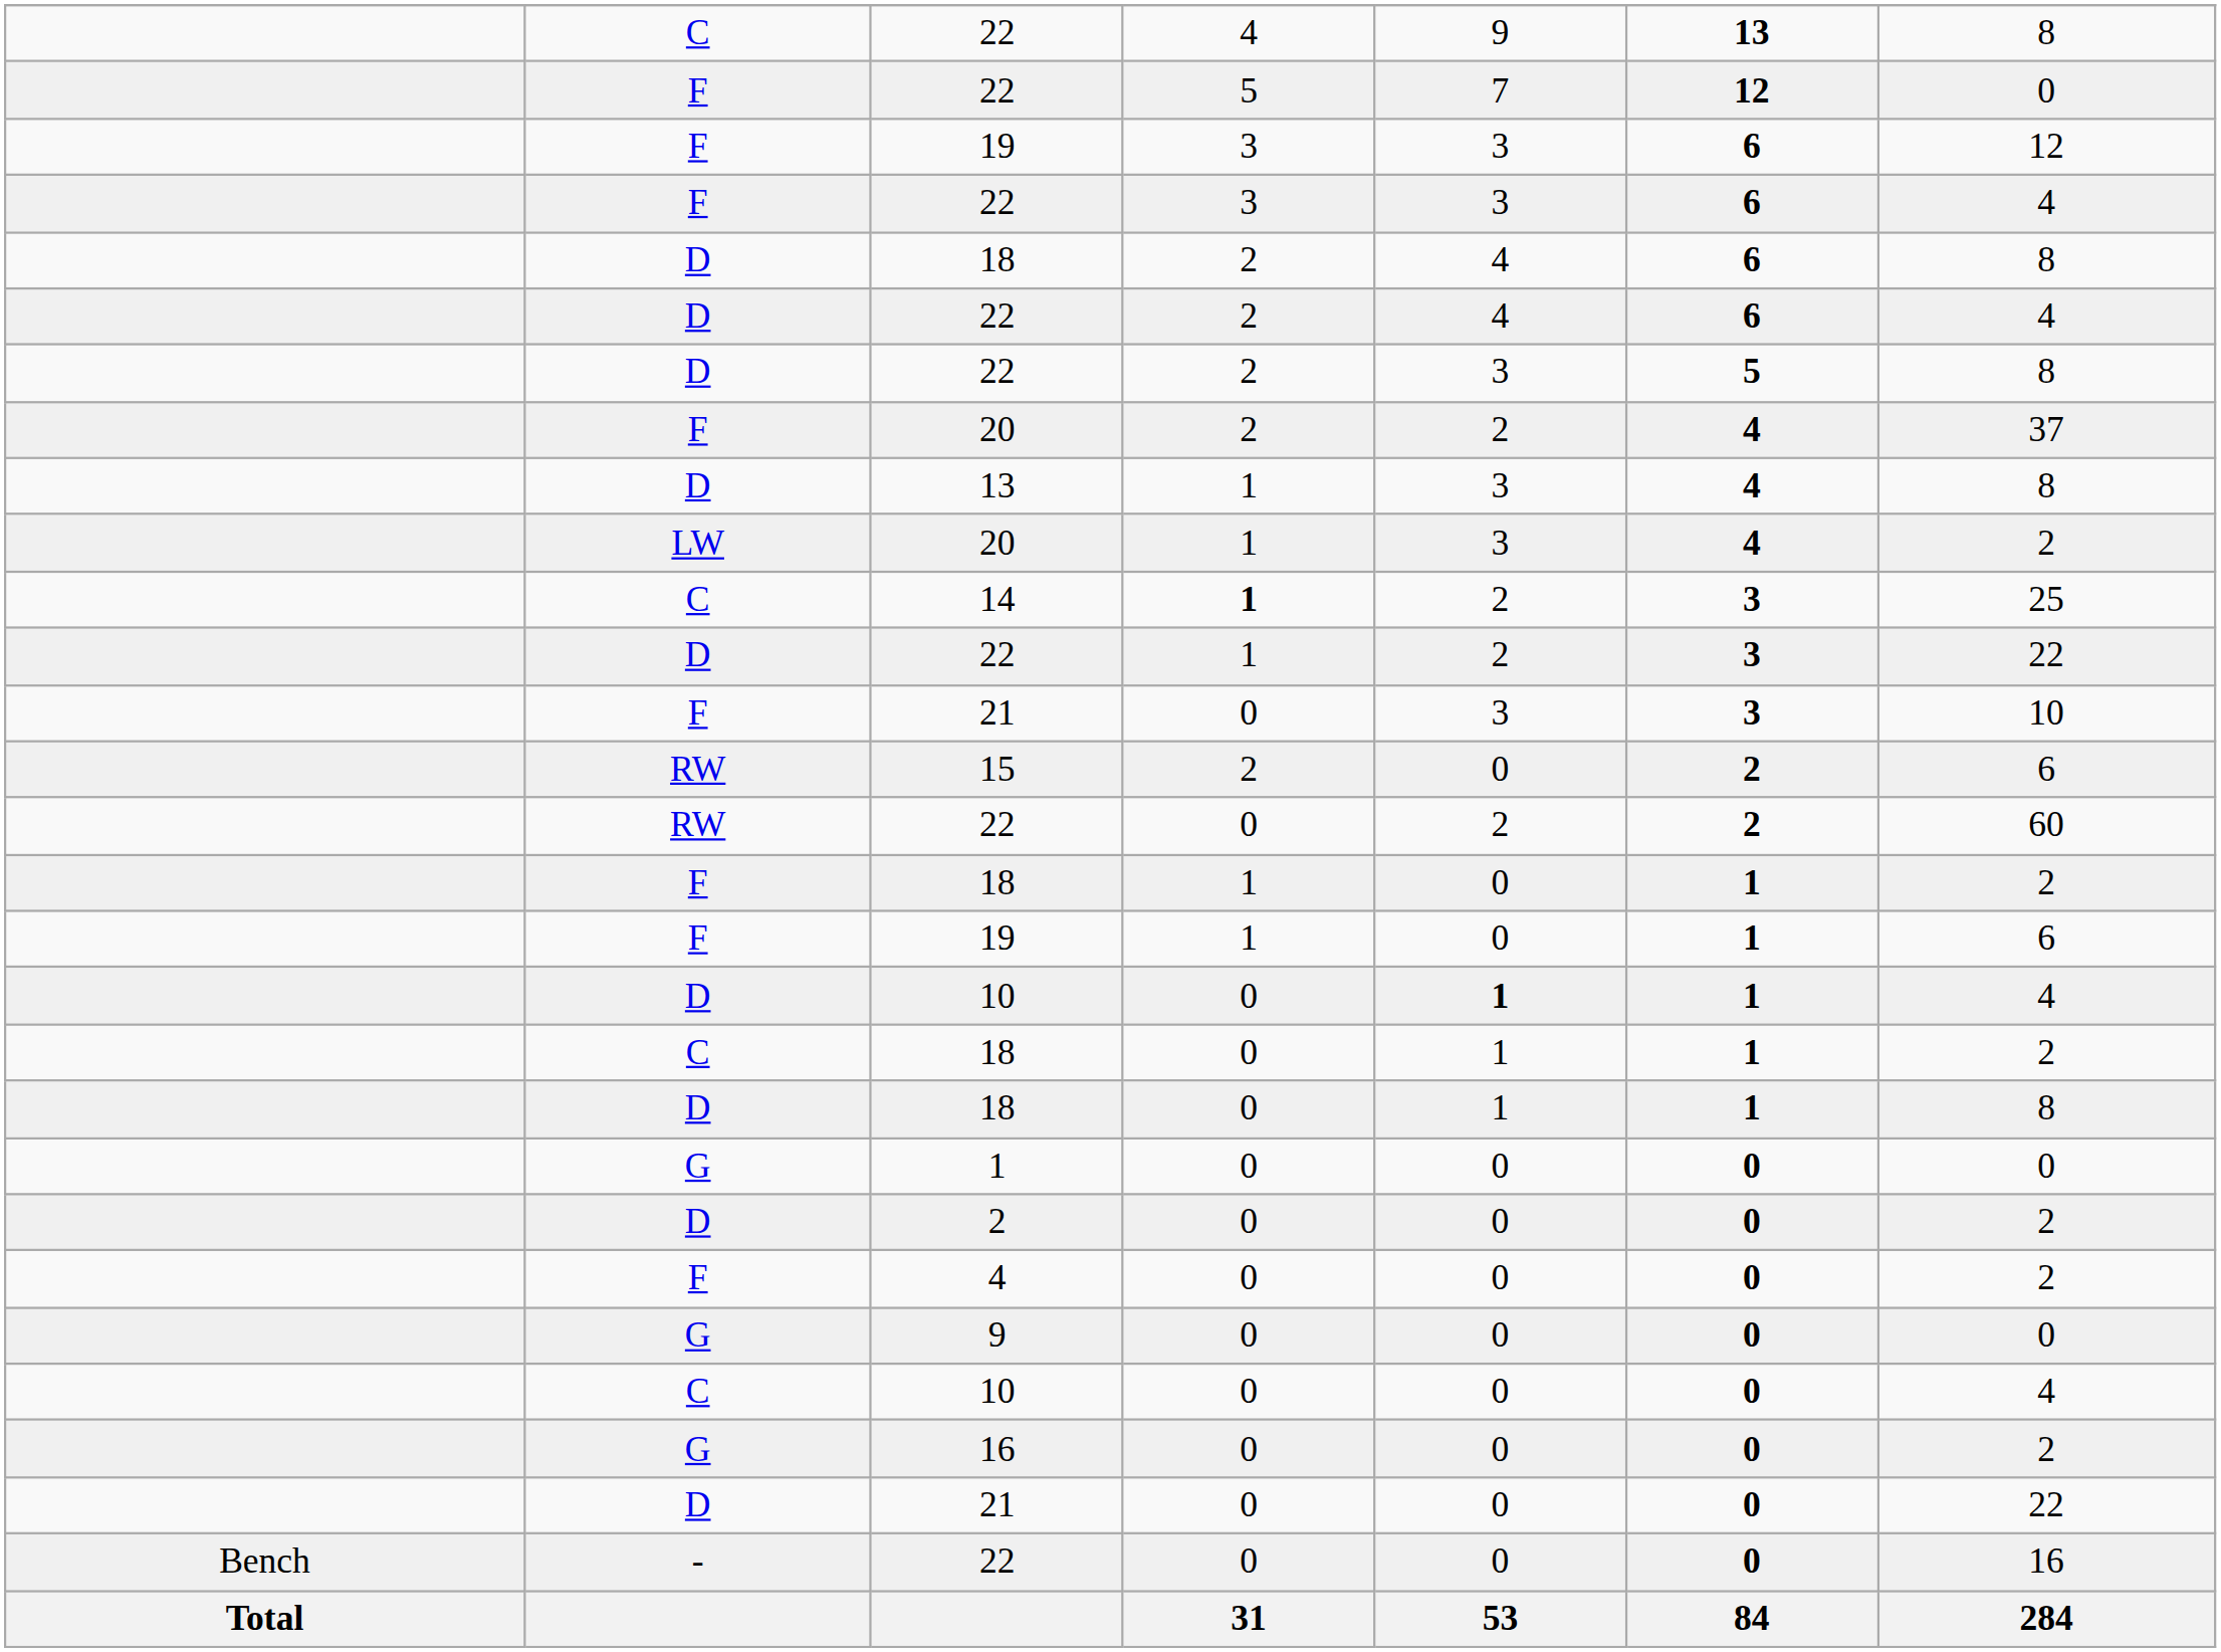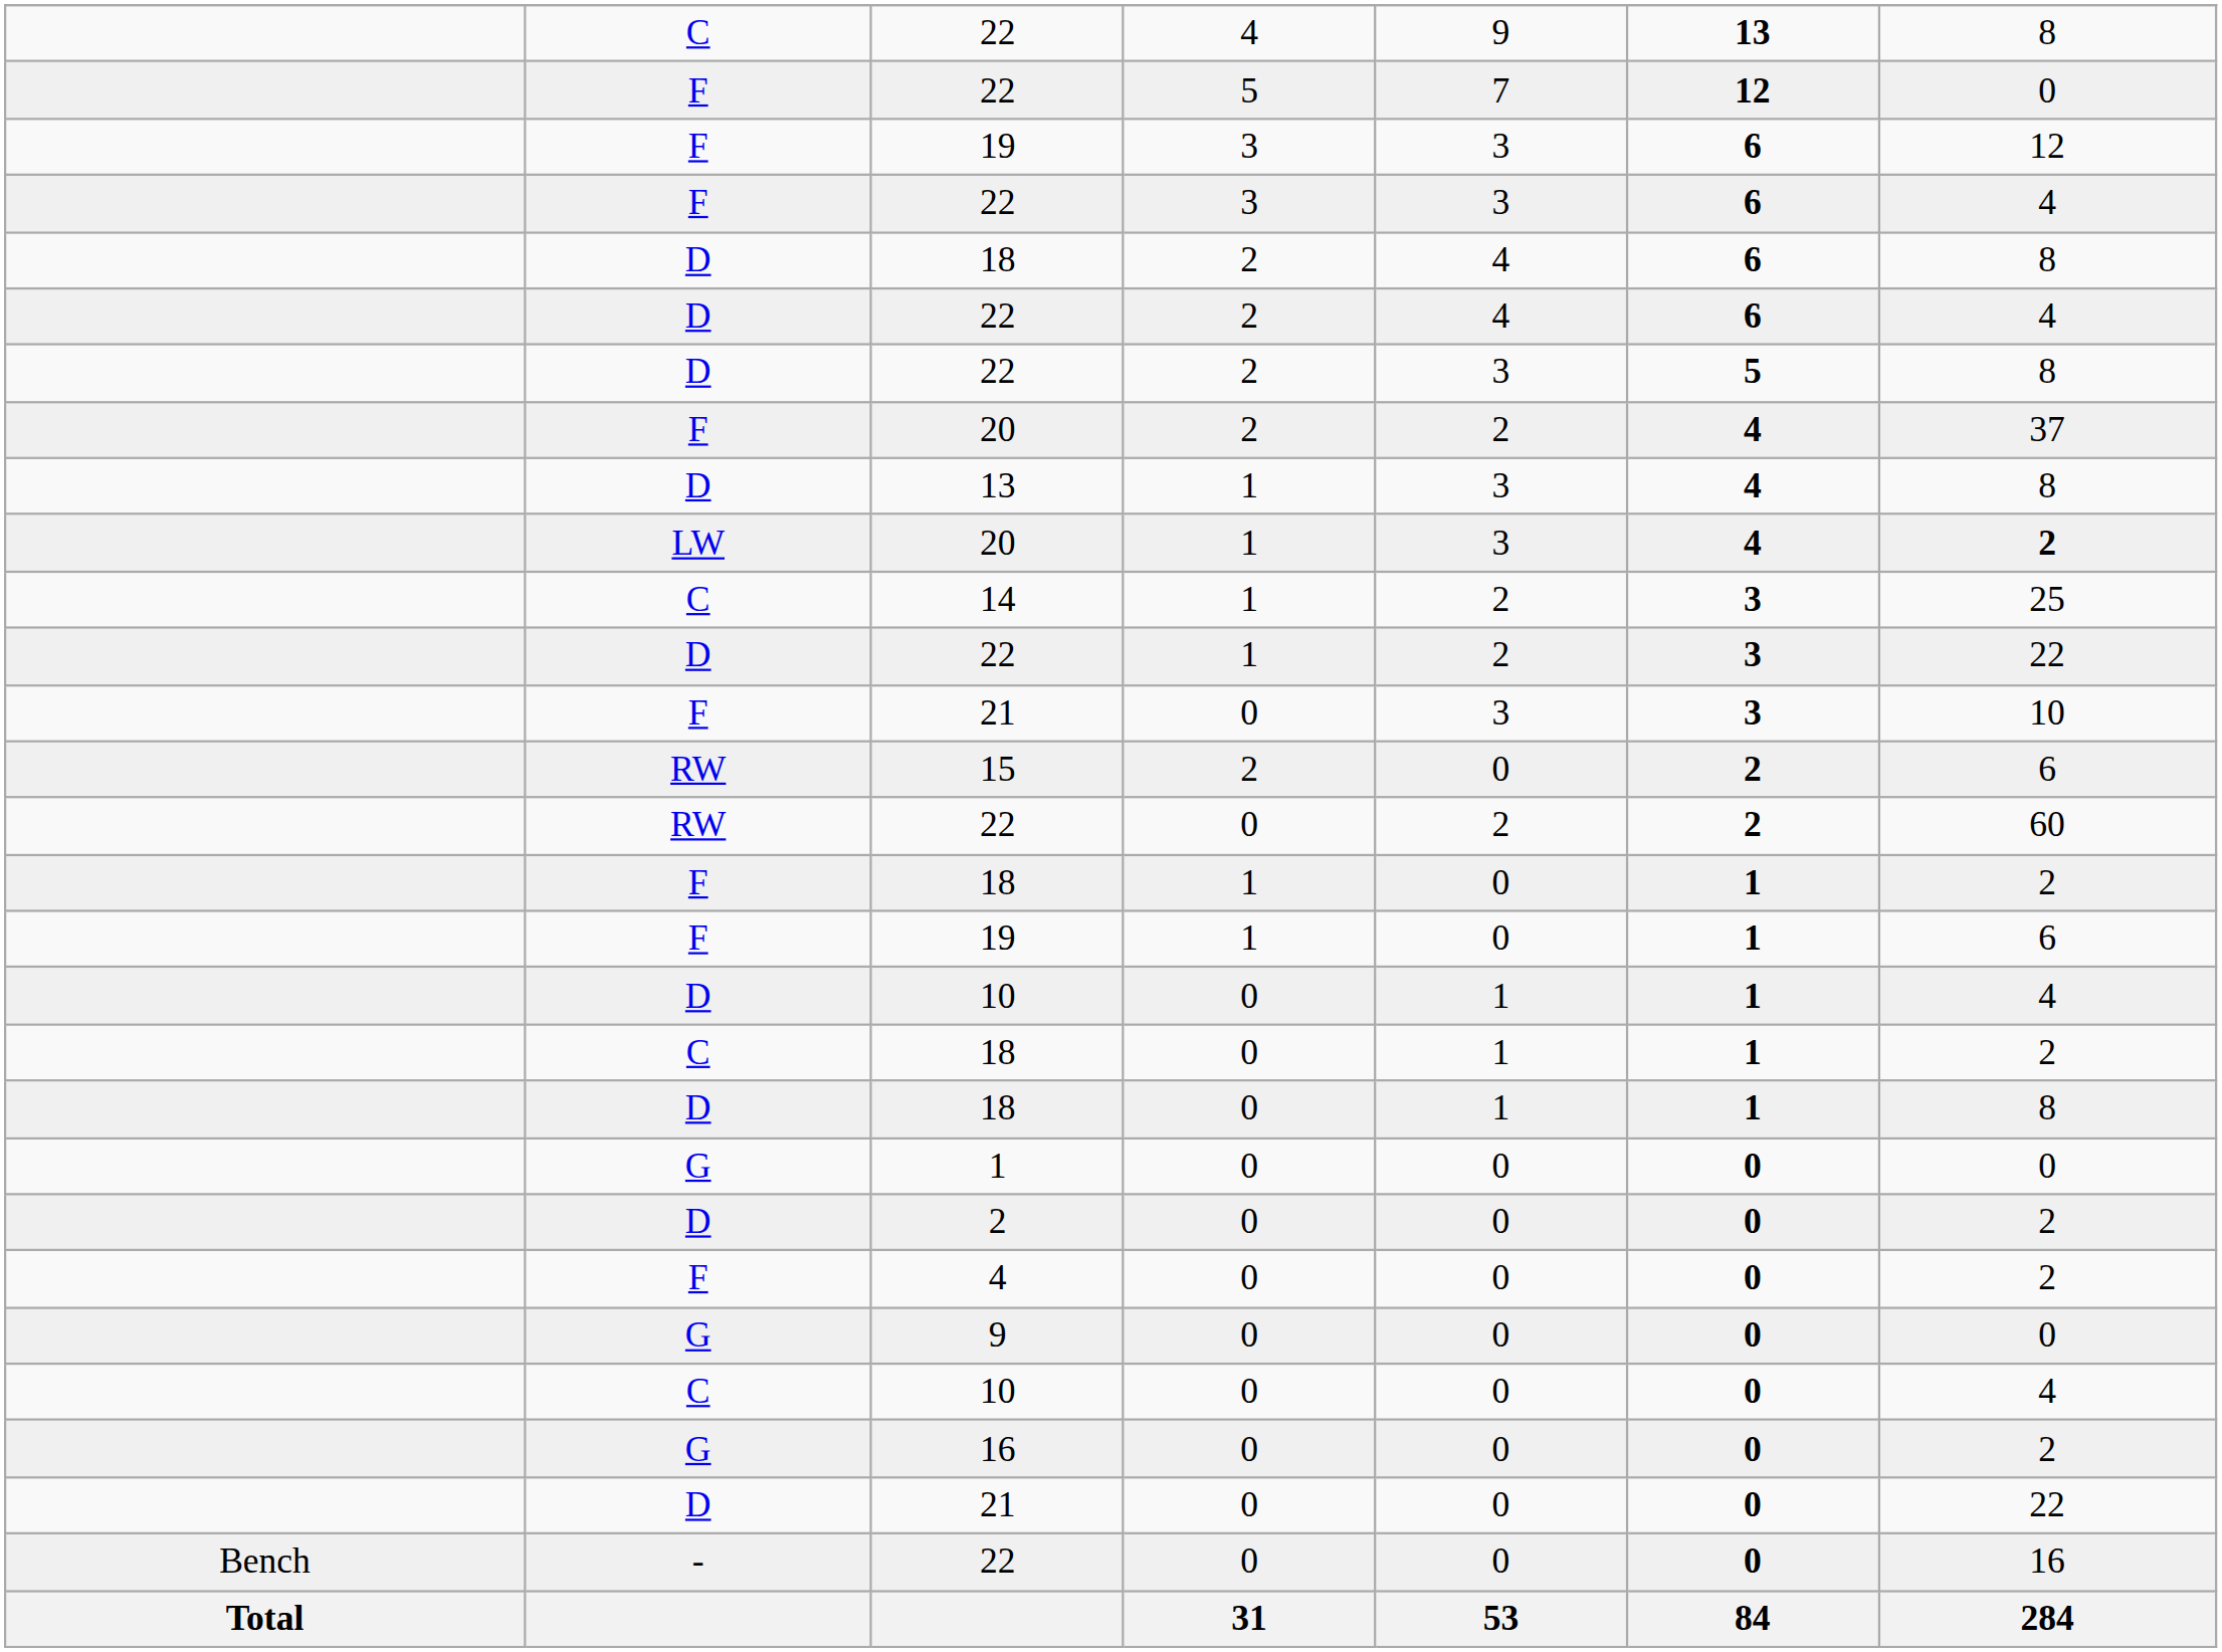 <table class="wikitable sortable" width ="50%">
 <tr align="center">
 </tr>
 <tr align="center" bgcolor="">
 <td></td>
 <td><a href='#'>C</a></td>
 <td>22</td>
 <td>4</td>
 <td>9</td>
 <td><strong>13</strong></td>
 <td>8</td>
 </tr>
 <tr align="center" bgcolor="f0f0f0">
 <td></td>
 <td><a href='#'>F</a></td>
 <td>22</td>
 <td>5</td>
 <td>7</td>
 <td><strong>12</strong></td>
 <td>0</td>
 </tr>
 <tr align="center" bgcolor="">
 <td></td>
 <td><a href='#'>F</a></td>
 <td>19</td>
 <td>3</td>
 <td>3</td>
 <td><strong>6</strong></td>
 <td>12</td>
 </tr>
 <tr align="center" bgcolor="f0f0f0">
 <td></td>
 <td><a href='#'>F</a></td>
 <td>22</td>
 <td>3</td>
 <td>3</td>
 <td><strong>6</strong></td>
 <td>4</td>
 </tr>
 <tr align="center" bgcolor="">
 <td></td>
 <td><a href='#'>D</a></td>
 <td>18</td>
 <td>2</td>
 <td>4</td>
 <td><strong>6</strong></td>
 <td>8</td>
 </tr>
 <tr align="center" bgcolor="f0f0f0">
 <td></td>
 <td><a href='#'>D</a></td>
 <td>22</td>
 <td>2</td>
 <td>4</td>
 <td><strong>6</strong></td>
 <td>4</td>
 </tr>
 <tr align="center" bgcolor="">
 <td></td>
 <td><a href='#'>D</a></td>
 <td>22</td>
 <td>2</td>
 <td>3</td>
 <td><strong>5</strong></td>
 <td>8</td>
 </tr>
 <tr align="center" bgcolor="f0f0f0">
 <td></td>
 <td><a href='#'>F</a></td>
 <td>20</td>
 <td>2</td>
 <td>2</td>
 <td><strong>4</strong></td>
 <td>37</td>
 </tr>
 <tr align="center" bgcolor="">
 <td></td>
 <td><a href='#'>D</a></td>
 <td>13</td>
 <td>1</td>
 <td>3</td>
 <td><strong>4</strong></td>
 <td>8</td>
 </tr>
 <tr align="center" bgcolor="f0f0f0">
 <td></td>
 <td><a href='#'>LW</a></td>
 <td>20</td>
 <td>1</td>
 <td>3</td>
 <td><strong>4</strong></td>
-<td>2</td>
+<td><strong>2</strong></td>
 </tr>
 <tr align="center" bgcolor="">
 <td></td>
 <td><a href='#'>C</a></td>
 <td>14</td>
-<td><strong>1</strong></td>
+<td>1</td>
 <td>2</td>
 <td><strong>3</strong></td>
 <td>25</td>
 </tr>
 <tr align="center" bgcolor="f0f0f0">
 <td></td>
 <td><a href='#'>D</a></td>
 <td>22</td>
 <td>1</td>
 <td>2</td>
 <td><strong>3</strong></td>
 <td>22</td>
 </tr>
 <tr align="center" bgcolor="">
 <td></td>
 <td><a href='#'>F</a></td>
 <td>21</td>
 <td>0</td>
 <td>3</td>
 <td><strong>3</strong></td>
 <td>10</td>
 </tr>
 <tr align="center" bgcolor="f0f0f0">
 <td></td>
 <td><a href='#'>RW</a></td>
 <td>15</td>
 <td>2</td>
 <td>0</td>
 <td><strong>2</strong></td>
 <td>6</td>
 </tr>
 <tr align="center" bgcolor="">
 <td></td>
 <td><a href='#'>RW</a></td>
 <td>22</td>
 <td>0</td>
 <td>2</td>
 <td><strong>2</strong></td>
 <td>60</td>
 </tr>
 <tr align="center" bgcolor="f0f0f0">
 <td></td>
 <td><a href='#'>F</a></td>
 <td>18</td>
 <td>1</td>
 <td>0</td>
 <td><strong>1</strong></td>
 <td>2</td>
 </tr>
 <tr align="center" bgcolor="">
 <td></td>
 <td><a href='#'>F</a></td>
 <td>19</td>
 <td>1</td>
 <td>0</td>
 <td><strong>1</strong></td>
 <td>6</td>
 </tr>
 <tr align="center" bgcolor="f0f0f0">
 <td></td>
 <td><a href='#'>D</a></td>
 <td>10</td>
 <td>0</td>
-<td><strong>1</strong></td>
+<td>1</td>
 <td><strong>1</strong></td>
 <td>4</td>
 </tr>
 <tr align="center" bgcolor="">
 <td></td>
 <td><a href='#'>C</a></td>
 <td>18</td>
 <td>0</td>
 <td>1</td>
 <td><strong>1</strong></td>
 <td>2</td>
 </tr>
 <tr align="center" bgcolor="f0f0f0">
 <td></td>
 <td><a href='#'>D</a></td>
 <td>18</td>
 <td>0</td>
 <td>1</td>
 <td><strong>1</strong></td>
 <td>8</td>
 </tr>
 <tr align="center" bgcolor="">
 <td></td>
 <td><a href='#'>G</a></td>
 <td>1</td>
 <td>0</td>
 <td>0</td>
 <td><strong>0</strong></td>
 <td>0</td>
 </tr>
 <tr align="center" bgcolor="f0f0f0">
 <td></td>
 <td><a href='#'>D</a></td>
 <td>2</td>
 <td>0</td>
 <td>0</td>
 <td><strong>0</strong></td>
 <td>2</td>
 </tr>
 <tr align="center" bgcolor="">
 <td></td>
 <td><a href='#'>F</a></td>
 <td>4</td>
 <td>0</td>
 <td>0</td>
 <td><strong>0</strong></td>
 <td>2</td>
 </tr>
 <tr align="center" bgcolor="f0f0f0">
 <td></td>
 <td><a href='#'>G</a></td>
 <td>9</td>
 <td>0</td>
 <td>0</td>
 <td><strong>0</strong></td>
 <td>0</td>
 </tr>
 <tr align="center" bgcolor="">
 <td></td>
 <td><a href='#'>C</a></td>
 <td>10</td>
 <td>0</td>
 <td>0</td>
 <td><strong>0</strong></td>
 <td>4</td>
 </tr>
 <tr align="center" bgcolor="f0f0f0">
 <td></td>
 <td><a href='#'>G</a></td>
 <td>16</td>
 <td>0</td>
 <td>0</td>
 <td><strong>0</strong></td>
 <td>2</td>
 </tr>
 <tr align="center" bgcolor="">
 <td></td>
 <td><a href='#'>D</a></td>
 <td>21</td>
 <td>0</td>
 <td>0</td>
 <td><strong>0</strong></td>
 <td>22</td>
 </tr>
 <tr align="center" bgcolor="f0f0f0">
 <td>Bench</td>
 <td>-</td>
 <td>22</td>
 <td>0</td>
 <td>0</td>
 <td><strong>0</strong></td>
 <td>16</td>
 </tr>
 <tr>
 <th>Total</th>
 <th></th>
 <th></th>
 <th>31</th>
 <th>53</th>
 <th>84</th>
 <th>284</th>
 </tr>
 </table>
